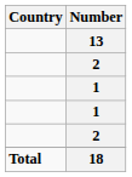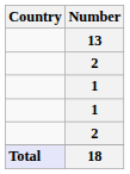 <table class="wikitable centre sortable">
 <tr>
 <th>Country</th>
 <th>Number</th>
 </tr>
 <tr>
 <td></td>
 <th>13</th>
 </tr>
 <tr>
 <td></td>
 <th>2</th>
 </tr>
 <tr>
 <td></td>
 <th>1</th>
 </tr>
 <tr>
 <td></td>
 <th>1</th>
 </tr>
 <tr>
 <td></td>
 <th>2</th>
 </tr>
 <tr>
 </tr>
 <tr class="sortbottom">
-<td><strong>Total</strong></td>
+<td style="background: lavender;"><strong>Total</strong></td>
 <th>18</th>
 </tr>
 </table>
